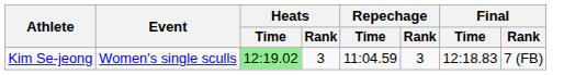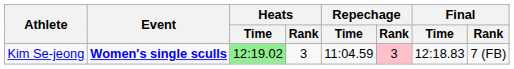 <table class="wikitable" style="font-size:90%">
 <tr>
 <th rowspan=2>Athlete</th>
 <th rowspan=2>Event</th>
 <th colspan=2>Heats</th>
 <th colspan=2>Repechage</th>
 <th colspan=2>Final</th>
 </tr>
 <tr style="font-size:95%">
 <th>Time</th>
 <th>Rank</th>
 <th>Time</th>
 <th>Rank</th>
 <th>Time</th>
 <th>Rank</th>
 </tr>
 <tr align=center>
 <td align=left><a href='#'>Kim Se-jeong</a></td>
-<td align=left><a href='#'>Women's single sculls</a></td>
+<td align=left><strong><a href='#'>Women's single sculls</a></strong></td>
 <td style="background: lightgreen;">12:19.02</td>
 <td>3</td>
 <td>11:04.59</td>
-<td>3</td>
+<td style="background: pink;">3</td>
 <td>12:18.83</td>
 <td>7 (FB)</td>
 </tr>
 </table>
